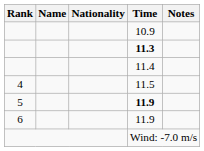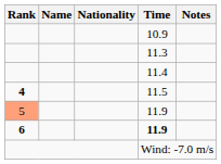 <table class="wikitable sortable" style="text-align:center">
 <tr>
 <th>Rank</th>
 <th>Name</th>
 <th>Nationality</th>
 <th>Time</th>
 <th>Notes</th>
 </tr>
 <tr>
 <td></td>
 <td align=left></td>
 <td align=left></td>
 <td>10.9</td>
 <td></td>
 </tr>
 <tr>
 <td></td>
 <td align=left></td>
 <td align=left></td>
-<td><strong>11.3</strong></td>
+<td>11.3</td>
 <td></td>
 </tr>
 <tr>
 <td></td>
 <td align=left></td>
 <td align=left></td>
 <td>11.4</td>
 <td></td>
 </tr>
 <tr>
-<td>4</td>
+<td><strong>4</strong></td>
 <td align=left></td>
 <td align=left></td>
 <td>11.5</td>
 <td></td>
 </tr>
 <tr>
-<td>5</td>
+<td style="background: lightsalmon;">5</td>
+<td align=left></td>
+<td align=left></td>
+<td>11.9</td>
+<td></td>
+</tr>
+<tr>
+<td><strong>6</strong></td>
 <td align=left></td>
 <td align=left></td>
 <td><strong>11.9</strong></td>
-<td></td>
-</tr>
-<tr>
-<td>6</td>
-<td align=left></td>
-<td align=left></td>
-<td>11.9</td>
 <td></td>
 </tr>
 <tr class="sortbottom">
 <td colspan=3></td>
 <td colspan="2" style="text-align:left;">Wind: -7.0 m/s</td>
 </tr>
 </table>
